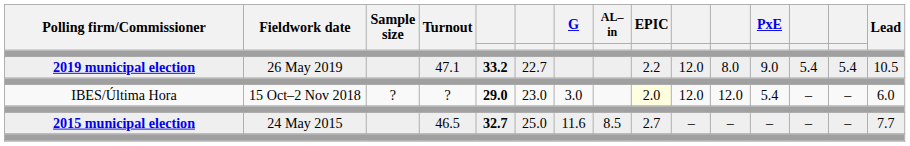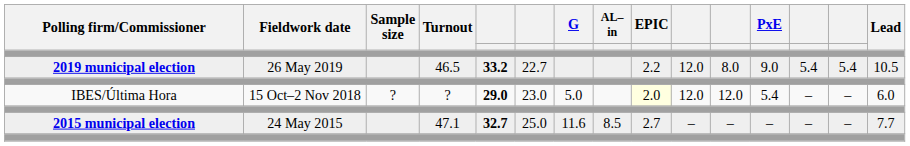 <table class="wikitable collapsible collapsed" style="text-align:center; font-size:95%; line-height:16px;">
 <tr style="height:42px;">
 <th style="width:250px;" rowspan="2">Polling firm/Commissioner</th>
 <th style="width:125px;" rowspan="2">Fieldwork date</th>
 <th style="width:50px;" rowspan="2">Sample size</th>
 <th style="width:45px;" rowspan="2">Turnout</th>
 <th style="width:35px;"></th>
 <th style="width:35px;"></th>
 <th style="width:35px;"><a href='#'>G</a></th>
 <th style="width:35px; font-size:85%">AL–in</th>
 <th style="width:35px;">EPIC</th>
 <th style="width:35px;"></th>
 <th style="width:35px;"></th>
 <th style="width:35px;"><a href='#'>PxE</a></th>
 <th style="width:35px;"></th>
 <th style="width:35px;"></th>
 <th style="width:30px;" rowspan="2">Lead</th>
 </tr>
 <tr>
 <th style="color:inherit;background:"></th>
 <th style="color:inherit;background:"></th>
 <th style="color:inherit;background:"></th>
 <th style="color:inherit;background:"></th>
 <th style="color:inherit;background:"></th>
 <th style="color:inherit;background:"></th>
 <th style="color:inherit;background:"></th>
 <th style="color:inherit;background:"></th>
 <th style="color:inherit;background:"></th>
 <th style="color:inherit;background:"></th>
 </tr>
 <tr>
 <td colspan="15" style="background:#A0A0A0"></td>
 </tr>
 <tr style="background:#EFEFEF;">
 <td><strong><a href='#'>2019 municipal election</a></strong></td>
 <td>26 May 2019</td>
 <td></td>
-<td>47.1</td>
+<td>46.5</td>
 <td><strong>33.2</strong><br></td>
 <td>22.7<br></td>
 <td></td>
 <td></td>
 <td>2.2<br></td>
 <td>12.0<br></td>
 <td>8.0<br></td>
 <td>9.0<br></td>
 <td>5.4<br></td>
 <td>5.4<br></td>
 <td style="background:">10.5</td>
 </tr>
 <tr>
 <td colspan="15" style="background:#A0A0A0"></td>
 </tr>
 <tr>
 <td>IBES/Última Hora</td>
 <td>15 Oct–2 Nov 2018</td>
 <td>?</td>
 <td>?</td>
 <td><strong>29.0</strong><br></td>
 <td>23.0<br></td>
-<td>3.0<br></td>
+<td>5.0<br></td>
 <td></td>
 <td style="background: lightyellow;">2.0<br></td>
 <td>12.0<br></td>
 <td>12.0<br></td>
 <td>5.4<br></td>
 <td>–</td>
 <td>–</td>
 <td style="background:">6.0</td>
 </tr>
 <tr>
 <td colspan="15" style="background:#A0A0A0"></td>
 </tr>
 <tr style="background:#EFEFEF;">
 <td><strong><a href='#'>2015 municipal election</a></strong></td>
 <td>24 May 2015</td>
 <td></td>
-<td>46.5</td>
+<td>47.1</td>
 <td><strong>32.7</strong><br></td>
 <td>25.0<br></td>
 <td>11.6<br></td>
 <td>8.5<br></td>
 <td>2.7<br></td>
 <td>–</td>
 <td>–</td>
 <td>–</td>
 <td>–</td>
 <td>–</td>
 <td style="background:">7.7</td>
 </tr>
 <tr>
 <td colspan="15" style="background:#A0A0A0"></td>
 </tr>
 </table>
